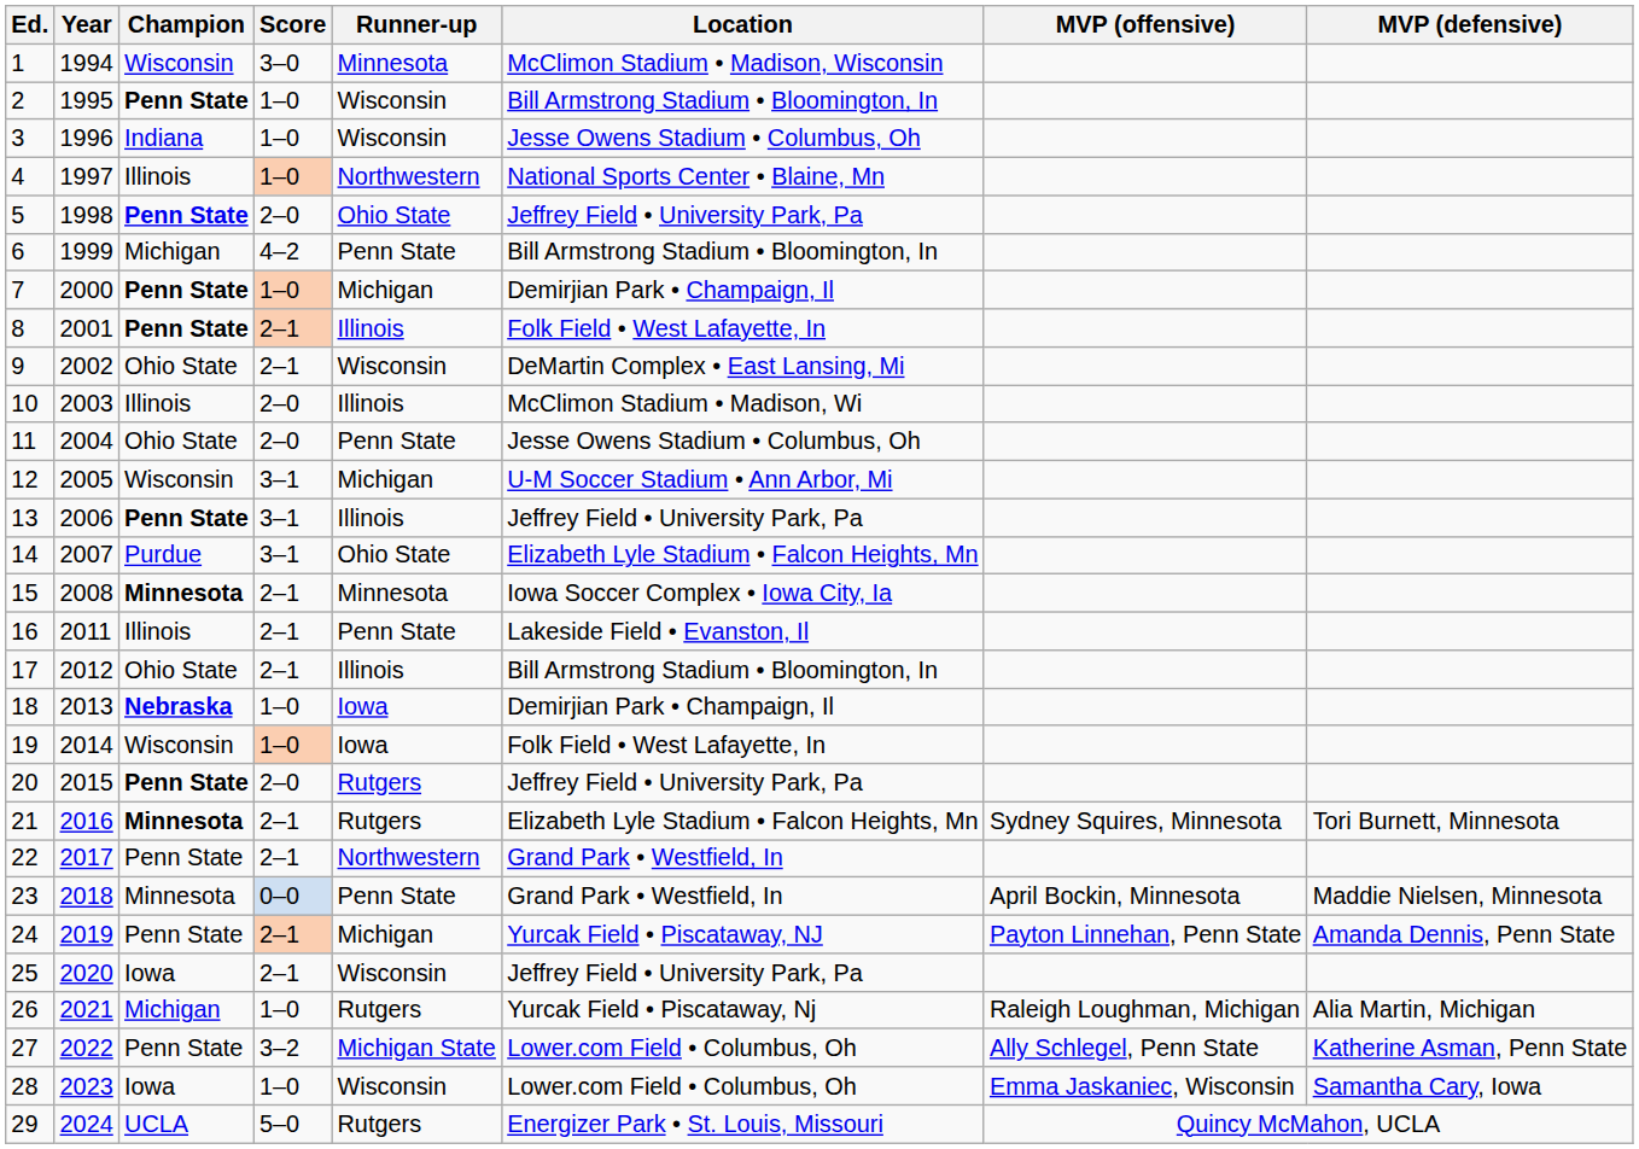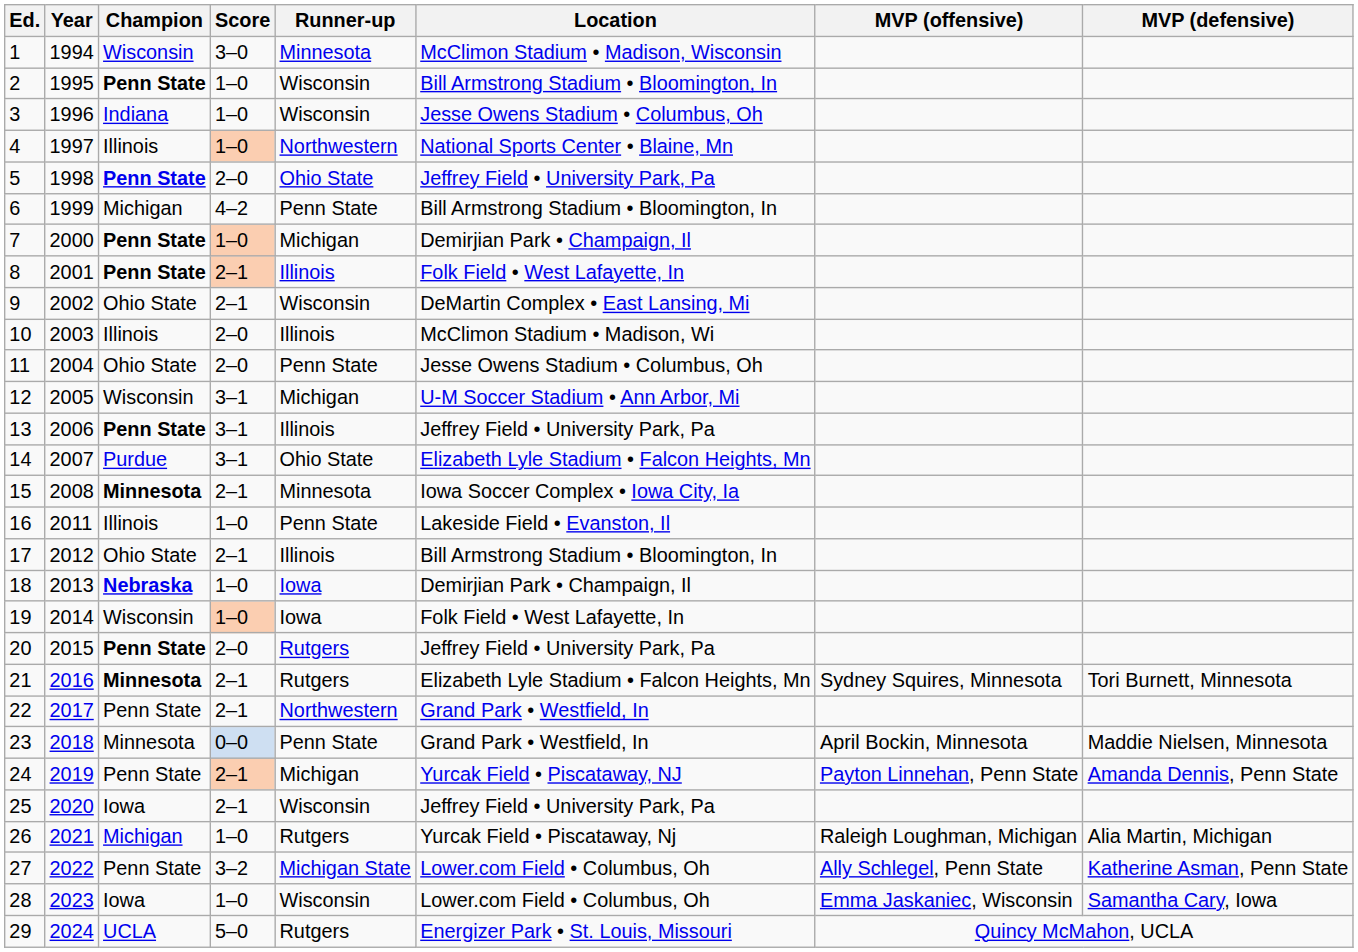 <table class= "wikitable"; style= "font-size:90%">
 <tr>
 <th width=px>Ed.</th>
 <th width=px>Year</th>
 <th width=px>Champion</th>
 <th width=px>Score</th>
 <th width=px>Runner-up</th>
 <th width=px>Location</th>
 <th width=px>MVP (offensive)</th>
 <th width=px>MVP (defensive)</th>
 </tr>
 <tr>
 <td>1</td>
 <td>1994</td>
 <td><a href='#'>Wisconsin</a> </td>
 <td>3–0</td>
 <td><a href='#'>Minnesota</a></td>
 <td><a href='#'>McClimon Stadium</a> • <a href='#'>Madison, Wisconsin</a></td>
 <td></td>
 <td></td>
 </tr>
 <tr>
 <td>2</td>
 <td>1995</td>
 <td><strong>Penn State</strong> </td>
 <td>1–0</td>
 <td>Wisconsin</td>
 <td><a href='#'>Bill Armstrong Stadium</a> • <a href='#'>Bloomington, In</a></td>
 <td></td>
 <td></td>
 </tr>
 <tr>
 <td>3</td>
 <td>1996</td>
 <td><a href='#'>Indiana</a> </td>
 <td>1–0</td>
 <td>Wisconsin</td>
 <td><a href='#'>Jesse Owens Stadium</a> • <a href='#'>Columbus, Oh</a></td>
 <td></td>
 <td></td>
 </tr>
 <tr>
 <td>4</td>
 <td>1997</td>
 <td>Illinois </td>
 <td style="background-color:#FBCEB1">1–0 </td>
 <td><a href='#'>Northwestern</a></td>
 <td><a href='#'>National Sports Center</a> • <a href='#'>Blaine, Mn</a></td>
 <td></td>
 <td></td>
 </tr>
 <tr>
 <td>5</td>
 <td>1998</td>
 <td><strong><a href='#'>Penn State</a></strong> </td>
 <td>2–0</td>
 <td><a href='#'>Ohio State</a></td>
 <td><a href='#'>Jeffrey Field</a> • <a href='#'>University Park, Pa</a></td>
 <td></td>
 <td></td>
 </tr>
 <tr>
 <td>6</td>
 <td>1999</td>
 <td>Michigan </td>
 <td>4–2</td>
 <td>Penn State</td>
 <td>Bill Armstrong Stadium • Bloomington, In</td>
 <td></td>
 <td></td>
 </tr>
 <tr>
 <td>7</td>
 <td>2000</td>
 <td><strong>Penn State</strong> </td>
 <td style="background-color:#FBCEB1">1–0 </td>
 <td>Michigan</td>
 <td>Demirjian Park • <a href='#'>Champaign, Il</a></td>
 <td></td>
 <td></td>
 </tr>
 <tr>
 <td>8</td>
 <td>2001</td>
 <td><strong>Penn State</strong> </td>
 <td style="background-color:#FBCEB1">2–1 </td>
 <td><a href='#'>Illinois</a></td>
 <td><a href='#'>Folk Field</a> • <a href='#'>West Lafayette, In</a></td>
 <td></td>
 <td></td>
 </tr>
 <tr>
 <td>9</td>
 <td>2002</td>
 <td>Ohio State </td>
 <td>2–1</td>
 <td>Wisconsin</td>
 <td>DeMartin Complex • <a href='#'>East Lansing, Mi</a></td>
 <td></td>
 <td></td>
 </tr>
 <tr>
 <td>10</td>
 <td>2003</td>
 <td>Illinois </td>
 <td>2–0</td>
 <td>Illinois</td>
 <td>McClimon Stadium • Madison, Wi</td>
 <td></td>
 <td></td>
 </tr>
 <tr>
 <td>11</td>
 <td>2004</td>
 <td>Ohio State </td>
 <td>2–0</td>
 <td>Penn State</td>
 <td>Jesse Owens Stadium • Columbus, Oh</td>
 <td></td>
 <td></td>
 </tr>
 <tr>
 <td>12</td>
 <td>2005</td>
 <td>Wisconsin </td>
 <td>3–1</td>
 <td>Michigan</td>
 <td><a href='#'>U-M Soccer Stadium</a> • <a href='#'>Ann Arbor, Mi</a></td>
 <td></td>
 <td></td>
 </tr>
 <tr>
 <td>13</td>
 <td>2006</td>
 <td><strong>Penn State</strong> </td>
 <td>3–1</td>
 <td>Illinois</td>
 <td>Jeffrey Field • University Park, Pa</td>
 <td></td>
 <td></td>
 </tr>
 <tr>
 <td>14</td>
 <td>2007</td>
 <td><a href='#'>Purdue</a> </td>
 <td>3–1</td>
 <td>Ohio State</td>
 <td><a href='#'>Elizabeth Lyle Stadium</a> • <a href='#'>Falcon Heights, Mn</a></td>
 <td></td>
 <td></td>
 </tr>
 <tr>
 <td>15</td>
 <td>2008</td>
 <td><strong>Minnesota</strong> </td>
 <td>2–1</td>
 <td>Minnesota</td>
 <td>Iowa Soccer Complex • <a href='#'>Iowa City, Ia</a></td>
 <td></td>
 <td></td>
 </tr>
 <tr>
 <td>16</td>
 <td>2011</td>
 <td>Illinois </td>
-<td>2–1</td>
+<td>1–0</td>
 <td>Penn State</td>
 <td>Lakeside Field • <a href='#'>Evanston, Il</a></td>
 <td></td>
 <td></td>
 </tr>
 <tr>
 <td>17</td>
 <td>2012</td>
 <td>Ohio State </td>
 <td>2–1</td>
 <td>Illinois</td>
 <td>Bill Armstrong Stadium • Bloomington, In</td>
 <td></td>
 <td></td>
 </tr>
 <tr>
 <td>18</td>
 <td>2013</td>
 <td><strong><a href='#'>Nebraska</a></strong> </td>
 <td>1–0</td>
 <td><a href='#'>Iowa</a></td>
 <td>Demirjian Park • Champaign, Il</td>
 <td></td>
 <td></td>
 </tr>
 <tr>
 <td>19</td>
 <td>2014</td>
 <td>Wisconsin </td>
 <td style="background-color:#FBCEB1">1–0 </td>
 <td>Iowa</td>
 <td>Folk Field • West Lafayette, In</td>
 <td></td>
 <td></td>
 </tr>
 <tr>
 <td>20</td>
 <td>2015</td>
 <td><strong>Penn State</strong> </td>
 <td>2–0</td>
 <td><a href='#'>Rutgers</a></td>
 <td>Jeffrey Field • University Park, Pa</td>
 <td></td>
 <td></td>
 </tr>
 <tr>
 <td>21</td>
 <td><a href='#'>2016</a></td>
 <td><strong>Minnesota</strong> </td>
 <td>2–1</td>
 <td>Rutgers</td>
 <td>Elizabeth Lyle Stadium • Falcon Heights, Mn</td>
 <td>Sydney Squires, Minnesota</td>
 <td>Tori Burnett, Minnesota</td>
 </tr>
 <tr>
 <td>22</td>
 <td><a href='#'>2017</a></td>
 <td>Penn State </td>
 <td>2–1</td>
 <td><a href='#'>Northwestern</a></td>
 <td><a href='#'>Grand Park</a> • <a href='#'>Westfield, In</a></td>
 <td></td>
 <td></td>
 </tr>
 <tr>
 <td>23</td>
 <td><a href='#'>2018</a></td>
 <td>Minnesota </td>
 <td style="background-color:#cedff2">0–0 </td>
 <td>Penn State</td>
 <td>Grand Park • Westfield, In</td>
 <td>April Bockin, Minnesota</td>
 <td>Maddie Nielsen, Minnesota</td>
 </tr>
 <tr>
 <td>24</td>
 <td><a href='#'>2019</a></td>
 <td>Penn State </td>
 <td style="background-color:#FBCEB1">2–1 </td>
 <td>Michigan</td>
 <td><a href='#'>Yurcak Field</a> • <a href='#'>Piscataway, NJ</a></td>
 <td><a href='#'>Payton Linnehan</a>, Penn State</td>
 <td><a href='#'>Amanda Dennis</a>, Penn State</td>
 </tr>
 <tr>
 <td>25</td>
 <td><a href='#'>2020</a></td>
 <td>Iowa </td>
 <td>2–1</td>
 <td>Wisconsin</td>
 <td>Jeffrey Field • University Park, Pa</td>
 <td></td>
 <td></td>
 </tr>
 <tr>
 <td>26</td>
 <td><a href='#'>2021</a></td>
 <td><a href='#'>Michigan</a> </td>
 <td>1–0</td>
 <td>Rutgers</td>
 <td>Yurcak Field • Piscataway, Nj</td>
 <td>Raleigh Loughman, Michigan</td>
 <td>Alia Martin, Michigan</td>
 </tr>
 <tr>
 <td>27</td>
 <td><a href='#'>2022</a></td>
 <td>Penn State </td>
 <td>3–2</td>
 <td><a href='#'>Michigan State</a></td>
 <td><a href='#'>Lower.com Field</a> • Columbus, Oh</td>
 <td><a href='#'>Ally Schlegel</a>, Penn State</td>
 <td><a href='#'>Katherine Asman</a>, Penn State</td>
 </tr>
 <tr>
 <td>28</td>
 <td><a href='#'>2023</a></td>
 <td>Iowa </td>
 <td>1–0</td>
 <td>Wisconsin</td>
 <td>Lower.com Field • Columbus, Oh</td>
 <td><a href='#'>Emma Jaskaniec</a>, Wisconsin</td>
 <td><a href='#'>Samantha Cary</a>, Iowa</td>
 </tr>
 <tr>
 <td>29</td>
 <td><a href='#'>2024</a></td>
 <td><a href='#'>UCLA</a></td>
 <td>5–0</td>
 <td>Rutgers</td>
 <td><a href='#'>Energizer Park</a> • <a href='#'>St. Louis, Missouri</a></td>
 <td colspan=2 align=center><a href='#'>Quincy McMahon</a>, UCLA</td>
 </tr>
 </table>
